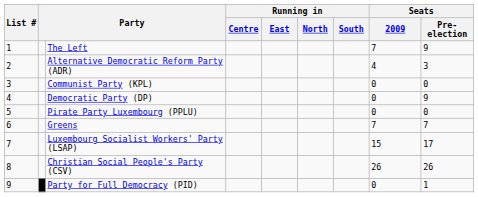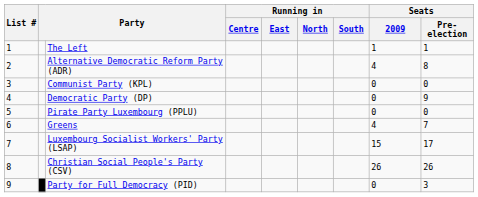 <table class="wikitable">
 <tr>
 <th rowspan=2>List #</th>
 <th rowspan=2 colspan=2>Party</th>
 <th colspan=4>Running in</th>
 <th colspan=2>Seats</th>
 </tr>
 <tr>
 <th width=50px><a href='#'>Centre</a></th>
 <th width=50px><a href='#'>East</a></th>
 <th width=50px><a href='#'>North</a></th>
 <th width=50px><a href='#'>South</a></th>
 <th width=75px><a href='#'>2009</a></th>
 <th width=75px>Pre-election</th>
 </tr>
 <tr>
 <td>1</td>
 <td style="background-color: "></td>
 <td><a href='#'>The Left</a></td>
 <td align=center></td>
 <td align=center></td>
 <td align=center></td>
 <td align=center></td>
-<td>7</td>
-<td>9</td>
+<td>1</td>
+<td>1</td>
 </tr>
 <tr>
 <td>2</td>
 <td style="background-color: "></td>
 <td><a href='#'>Alternative Democratic Reform Party</a> (ADR)</td>
 <td align=center></td>
 <td align=center></td>
 <td align=center></td>
 <td align=center></td>
 <td>4</td>
-<td>3</td>
+<td>8</td>
 </tr>
 <tr>
 <td>3</td>
 <td width=5px style="background-color: "></td>
 <td width=275px><a href='#'>Communist Party</a> (KPL)</td>
 <td align=center></td>
 <td align=center></td>
 <td align=center></td>
 <td align=center></td>
 <td>0</td>
 <td>0</td>
 </tr>
 <tr>
 <td>4</td>
 <td style="background-color: "></td>
 <td><a href='#'>Democratic Party</a> (DP)</td>
 <td align=center></td>
 <td align=center></td>
 <td align=center></td>
 <td align=center></td>
 <td>0</td>
 <td>9</td>
 </tr>
 <tr>
 <td>5</td>
 <td style="background-color: "></td>
 <td><a href='#'>Pirate Party Luxembourg</a> (PPLU)</td>
 <td align=center></td>
 <td align=center></td>
 <td align=center></td>
 <td align=center></td>
 <td>0</td>
 <td>0</td>
 </tr>
 <tr>
 <td>6</td>
 <td style="background-color: "></td>
 <td><a href='#'>Greens</a></td>
 <td align=center></td>
 <td align=center></td>
 <td align=center></td>
 <td align=center></td>
-<td>7</td>
+<td>4</td>
 <td>7</td>
 </tr>
 <tr>
 <td>7</td>
 <td style="background-color: "></td>
 <td><a href='#'>Luxembourg Socialist Workers' Party</a> (LSAP)</td>
 <td align=center></td>
 <td align=center></td>
 <td align=center></td>
 <td align=center></td>
 <td>15</td>
 <td>17</td>
 </tr>
 <tr>
 <td>8</td>
 <td style="background-color: "></td>
 <td><a href='#'>Christian Social People's Party</a> (CSV)</td>
 <td align=center></td>
 <td align=center></td>
 <td align=center></td>
 <td align=center></td>
 <td>26</td>
 <td>26</td>
 </tr>
 <tr>
 <td>9</td>
 <td style="color:inherit;background:#000000"></td>
 <td><a href='#'>Party for Full Democracy</a> (PID)</td>
 <td align=center></td>
 <td align=center></td>
 <td align=center></td>
 <td align=center></td>
 <td>0</td>
-<td>1</td>
+<td>3</td>
 </tr>
 </table>
